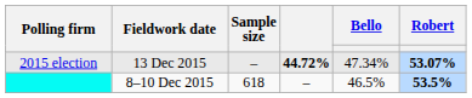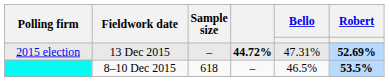 <table class="wikitable sortable" style="text-align:center;font-size:90%;line-height:14px;">
 <tr style="height:40px;">
 <th style="width:100px;" rowspan="2">Polling firm</th>
 <th style="width:110px;" rowspan="2">Fieldwork date</th>
 <th style="width:35px;" rowspan="2">Sample<br>size</th>
 <th style="width:30px;" rowspan="2"></th>
 <th class="unsortable" style="width:60px;"><a href='#'>Bello</a><br></th>
 <th class="unsortable" style="width:60px;"><a href='#'>Robert</a><br></th>
 </tr>
 <tr>
 <th style="background:"></th>
 <th style="background:"></th>
 </tr>
 <tr style="background:#E9E9E9;">
 <td><a href='#'>2015 election</a></td>
 <td data-sort-value="2015-12-13">13 Dec 2015</td>
 <td>–</td>
 <td><strong>44.72%</strong></td>
-<td>47.34%</td>
-<td style="background:#B9DAFF;"><strong>53.07%</strong></td>
+<td>47.31%</td>
+<td style="background:#B9DAFF;"><strong>52.69%</strong></td>
 </tr>
 <tr>
 <td style="background:#04FBF4;"></td>
 <td data-sort-value="2015-12-10">8–10 Dec 2015</td>
 <td>618</td>
 <td>–</td>
 <td>46.5%</td>
 <td style="background:#B9DAFF;"><strong>53.5%</strong></td>
 </tr>
 </table>
